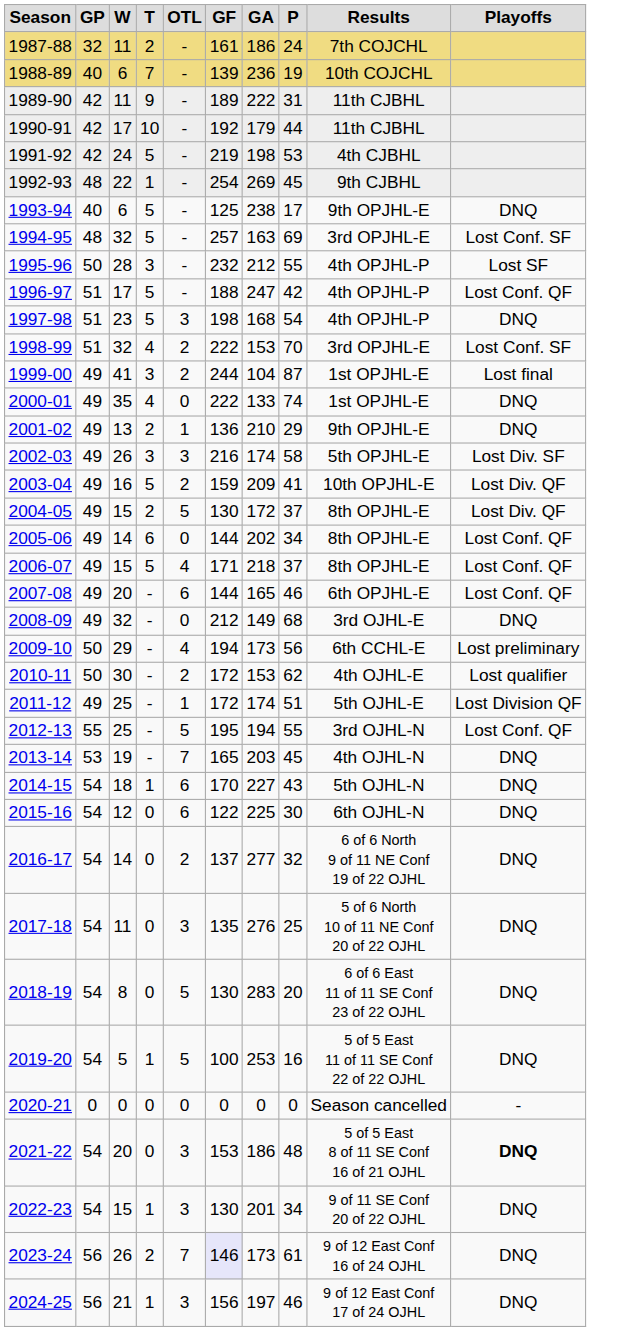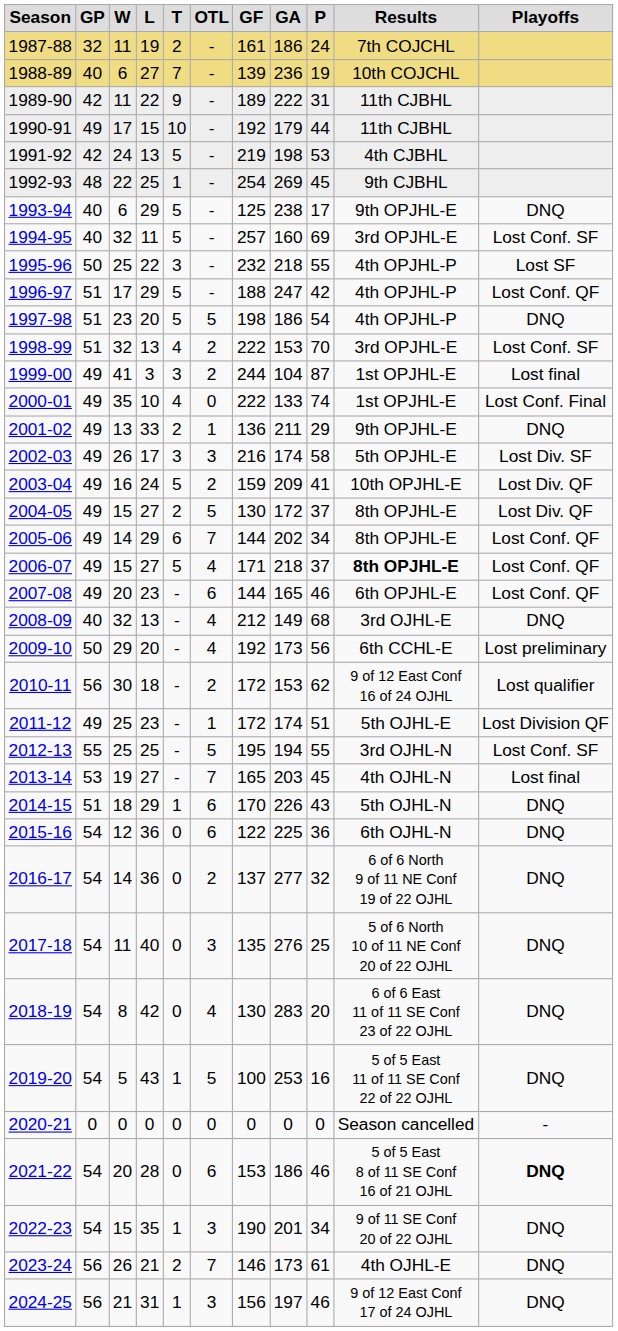 <table class="wikitable">
 <tr align="center"  bgcolor="#dddddd">
 <td><strong>Season</strong></td>
 <td><strong>GP</strong></td>
 <td><strong>W</strong></td>
+<td><strong>L</strong></td>
 <td><strong>T</strong></td>
 <td><strong>OTL</strong></td>
 <td><strong>GF</strong></td>
 <td><strong>GA</strong></td>
 <td><strong>P</strong></td>
 <td><strong>Results</strong></td>
 <td><strong>Playoffs</strong></td>
 </tr>
 <tr align="center"  bgcolor="#F0DC82">
 <td>1987-88</td>
 <td>32</td>
 <td>11</td>
+<td>19</td>
 <td>2</td>
 <td>-</td>
 <td>161</td>
 <td>186</td>
 <td>24</td>
 <td>7th COJCHL</td>
 <td></td>
 </tr>
 <tr align="center"  bgcolor="#F0DC82">
 <td>1988-89</td>
 <td>40</td>
 <td>6</td>
+<td>27</td>
 <td>7</td>
 <td>-</td>
 <td>139</td>
 <td>236</td>
 <td>19</td>
 <td>10th COJCHL</td>
 <td></td>
 </tr>
 <tr align="center" bgcolor="#eeeeee">
 <td>1989-90</td>
 <td>42</td>
 <td>11</td>
+<td>22</td>
 <td>9</td>
 <td>-</td>
 <td>189</td>
 <td>222</td>
 <td>31</td>
 <td>11th CJBHL</td>
 <td></td>
 </tr>
 <tr align="center" bgcolor="#eeeeee">
 <td>1990-91</td>
-<td>42</td>
+<td>49</td>
 <td>17</td>
+<td>15</td>
 <td>10</td>
 <td>-</td>
 <td>192</td>
 <td>179</td>
 <td>44</td>
 <td>11th CJBHL</td>
 <td></td>
 </tr>
 <tr align="center" bgcolor="#eeeeee">
 <td>1991-92</td>
 <td>42</td>
 <td>24</td>
+<td>13</td>
 <td>5</td>
 <td>-</td>
 <td>219</td>
 <td>198</td>
 <td>53</td>
 <td>4th CJBHL</td>
 <td></td>
 </tr>
 <tr align="center" bgcolor="#eeeeee">
 <td>1992-93</td>
 <td>48</td>
 <td>22</td>
+<td>25</td>
 <td>1</td>
 <td>-</td>
 <td>254</td>
 <td>269</td>
 <td>45</td>
 <td>9th CJBHL</td>
 <td></td>
 </tr>
 <tr align="center">
 <td><a href='#'>1993-94</a></td>
 <td>40</td>
 <td>6</td>
+<td>29</td>
 <td>5</td>
 <td>-</td>
 <td>125</td>
 <td>238</td>
 <td>17</td>
 <td>9th OPJHL-E</td>
 <td>DNQ</td>
 </tr>
 <tr align="center">
 <td><a href='#'>1994-95</a></td>
-<td>48</td>
+<td>40</td>
 <td>32</td>
+<td>11</td>
 <td>5</td>
 <td>-</td>
 <td>257</td>
-<td>163</td>
+<td>160</td>
 <td>69</td>
 <td>3rd OPJHL-E</td>
 <td>Lost Conf. SF</td>
 </tr>
 <tr align="center">
 <td><a href='#'>1995-96</a></td>
 <td>50</td>
-<td>28</td>
+<td>25</td>
+<td>22</td>
 <td>3</td>
 <td>-</td>
 <td>232</td>
-<td>212</td>
+<td>218</td>
 <td>55</td>
 <td>4th OPJHL-P</td>
 <td>Lost SF</td>
 </tr>
 <tr align="center">
 <td><a href='#'>1996-97</a></td>
 <td>51</td>
 <td>17</td>
+<td>29</td>
 <td>5</td>
 <td>-</td>
 <td>188</td>
 <td>247</td>
 <td>42</td>
 <td>4th OPJHL-P</td>
 <td>Lost Conf. QF</td>
 </tr>
 <tr align="center">
 <td><a href='#'>1997-98</a></td>
 <td>51</td>
 <td>23</td>
+<td>20</td>
 <td>5</td>
-<td>3</td>
+<td>5</td>
 <td>198</td>
-<td>168</td>
+<td>186</td>
 <td>54</td>
 <td>4th OPJHL-P</td>
 <td>DNQ</td>
 </tr>
 <tr align="center">
 <td><a href='#'>1998-99</a></td>
 <td>51</td>
 <td>32</td>
+<td>13</td>
 <td>4</td>
 <td>2</td>
 <td>222</td>
 <td>153</td>
 <td>70</td>
 <td>3rd OPJHL-E</td>
 <td>Lost Conf. SF</td>
 </tr>
 <tr align="center">
 <td><a href='#'>1999-00</a></td>
 <td>49</td>
 <td>41</td>
 <td>3</td>
+<td>3</td>
 <td>2</td>
 <td>244</td>
 <td>104</td>
 <td>87</td>
 <td>1st OPJHL-E</td>
 <td>Lost final</td>
 </tr>
 <tr align="center">
 <td><a href='#'>2000-01</a></td>
 <td>49</td>
 <td>35</td>
+<td>10</td>
 <td>4</td>
 <td>0</td>
 <td>222</td>
 <td>133</td>
 <td>74</td>
 <td>1st OPJHL-E</td>
-<td>DNQ</td>
+<td>Lost Conf. Final</td>
 </tr>
 <tr align="center">
 <td><a href='#'>2001-02</a></td>
 <td>49</td>
 <td>13</td>
+<td>33</td>
 <td>2</td>
 <td>1</td>
 <td>136</td>
-<td>210</td>
+<td>211</td>
 <td>29</td>
 <td>9th OPJHL-E</td>
 <td>DNQ</td>
 </tr>
 <tr align="center">
 <td><a href='#'>2002-03</a></td>
 <td>49</td>
 <td>26</td>
+<td>17</td>
 <td>3</td>
 <td>3</td>
 <td>216</td>
 <td>174</td>
 <td>58</td>
 <td>5th OPJHL-E</td>
 <td>Lost Div. SF</td>
 </tr>
 <tr align="center">
 <td><a href='#'>2003-04</a></td>
 <td>49</td>
 <td>16</td>
+<td>24</td>
 <td>5</td>
 <td>2</td>
 <td>159</td>
 <td>209</td>
 <td>41</td>
 <td>10th OPJHL-E</td>
 <td>Lost Div. QF</td>
 </tr>
 <tr align="center">
 <td><a href='#'>2004-05</a></td>
 <td>49</td>
 <td>15</td>
+<td>27</td>
 <td>2</td>
 <td>5</td>
 <td>130</td>
 <td>172</td>
 <td>37</td>
 <td>8th OPJHL-E</td>
 <td>Lost Div. QF</td>
 </tr>
 <tr align="center">
 <td><a href='#'>2005-06</a></td>
 <td>49</td>
 <td>14</td>
+<td>29</td>
 <td>6</td>
-<td>0</td>
+<td>7</td>
 <td>144</td>
 <td>202</td>
 <td>34</td>
 <td>8th OPJHL-E</td>
 <td>Lost Conf. QF</td>
 </tr>
 <tr align="center">
 <td><a href='#'>2006-07</a></td>
 <td>49</td>
 <td>15</td>
+<td>27</td>
 <td>5</td>
 <td>4</td>
 <td>171</td>
 <td>218</td>
 <td>37</td>
-<td>8th OPJHL-E</td>
+<td><strong>8th OPJHL-E</strong></td>
 <td>Lost Conf. QF</td>
 </tr>
 <tr align="center">
 <td><a href='#'>2007-08</a></td>
 <td>49</td>
 <td>20</td>
+<td>23</td>
 <td>-</td>
 <td>6</td>
 <td>144</td>
 <td>165</td>
 <td>46</td>
 <td>6th OPJHL-E</td>
 <td>Lost Conf. QF</td>
 </tr>
 <tr align="center">
 <td><a href='#'>2008-09</a></td>
-<td>49</td>
+<td>40</td>
 <td>32</td>
+<td>13</td>
 <td>-</td>
-<td>0</td>
+<td>4</td>
 <td>212</td>
 <td>149</td>
 <td>68</td>
 <td>3rd OJHL-E</td>
 <td>DNQ</td>
 </tr>
 <tr align="center">
 <td><a href='#'>2009-10</a></td>
 <td>50</td>
 <td>29</td>
+<td>20</td>
 <td>-</td>
 <td>4</td>
-<td>194</td>
+<td>192</td>
 <td>173</td>
 <td>56</td>
 <td>6th CCHL-E</td>
 <td>Lost preliminary</td>
 </tr>
 <tr align="center">
 <td><a href='#'>2010-11</a></td>
-<td>50</td>
+<td>56</td>
 <td>30</td>
+<td>18</td>
 <td>-</td>
 <td>2</td>
 <td>172</td>
 <td>153</td>
 <td>62</td>
-<td>4th OJHL-E</td>
+<td><small> 9 of 12 East Conf<br>16 of 24 OJHL</small></td>
 <td>Lost qualifier</td>
 </tr>
 <tr align="center">
 <td><a href='#'>2011-12</a></td>
 <td>49</td>
 <td>25</td>
+<td>23</td>
 <td>-</td>
 <td>1</td>
 <td>172</td>
 <td>174</td>
 <td>51</td>
 <td>5th OJHL-E</td>
 <td>Lost Division QF</td>
 </tr>
 <tr align="center">
 <td><a href='#'>2012-13</a></td>
 <td>55</td>
 <td>25</td>
+<td>25</td>
 <td>-</td>
 <td>5</td>
 <td>195</td>
 <td>194</td>
 <td>55</td>
 <td>3rd OJHL-N</td>
-<td>Lost Conf. QF</td>
+<td>Lost Conf. SF</td>
 </tr>
 <tr align="center">
 <td><a href='#'>2013-14</a></td>
 <td>53</td>
 <td>19</td>
+<td>27</td>
 <td>-</td>
 <td>7</td>
 <td>165</td>
 <td>203</td>
 <td>45</td>
 <td>4th OJHL-N</td>
-<td>DNQ</td>
+<td>Lost final</td>
 </tr>
 <tr align="center">
 <td><a href='#'>2014-15</a></td>
-<td>54</td>
+<td>51</td>
 <td>18</td>
+<td>29</td>
 <td>1</td>
 <td>6</td>
 <td>170</td>
-<td>227</td>
+<td>226</td>
 <td>43</td>
 <td>5th OJHL-N</td>
 <td>DNQ</td>
 </tr>
 <tr align="center">
 <td><a href='#'>2015-16</a></td>
 <td>54</td>
 <td>12</td>
+<td>36</td>
 <td>0</td>
 <td>6</td>
 <td>122</td>
 <td>225</td>
-<td>30</td>
+<td>36</td>
 <td>6th OJHL-N</td>
 <td>DNQ</td>
 </tr>
 <tr align="center">
 <td><a href='#'>2016-17</a></td>
 <td>54</td>
 <td>14</td>
+<td>36</td>
 <td>0</td>
 <td>2</td>
 <td>137</td>
 <td>277</td>
 <td>32</td>
 <td><small>6 of 6 North<br>9 of 11 NE Conf<br>19 of 22 OJHL</small></td>
 <td>DNQ</td>
 </tr>
 <tr align="center">
 <td><a href='#'>2017-18</a></td>
 <td>54</td>
 <td>11</td>
+<td>40</td>
 <td>0</td>
 <td>3</td>
 <td>135</td>
 <td>276</td>
 <td>25</td>
 <td><small>5 of 6 North<br>10 of 11 NE Conf<br>20 of 22 OJHL</small></td>
 <td>DNQ</td>
 </tr>
 <tr align="center">
 <td><a href='#'>2018-19</a></td>
 <td>54</td>
 <td>8</td>
+<td>42</td>
 <td>0</td>
-<td>5</td>
+<td>4</td>
 <td>130</td>
 <td>283</td>
 <td>20</td>
 <td><small>6 of 6 East<br>11 of 11 SE Conf<br>23 of 22 OJHL</small></td>
 <td>DNQ</td>
 </tr>
 <tr align="center">
 <td><a href='#'>2019-20</a></td>
 <td>54</td>
 <td>5</td>
+<td>43</td>
 <td>1</td>
 <td>5</td>
 <td>100</td>
 <td>253</td>
 <td>16</td>
 <td><small>5 of 5 East<br>11 of 11 SE Conf<br>22 of 22 OJHL</small></td>
 <td>DNQ</td>
 </tr>
 <tr align="center">
 <td><a href='#'>2020-21</a></td>
 <td>0</td>
 <td>0</td>
 <td>0</td>
 <td>0</td>
 <td>0</td>
 <td>0</td>
 <td>0</td>
+<td>0</td>
 <td>Season cancelled</td>
 <td>-</td>
 </tr>
 <tr align="center">
 <td><a href='#'>2021-22</a></td>
 <td>54</td>
 <td>20</td>
+<td>28</td>
 <td>0</td>
-<td>3</td>
+<td>6</td>
 <td>153</td>
 <td>186</td>
-<td>48</td>
+<td>46</td>
 <td><small>5 of 5 East<br>8 of 11 SE Conf<br>16 of 21 OJHL</small></td>
 <td><strong>DNQ</strong></td>
 </tr>
 <tr align="center">
 <td><a href='#'>2022-23</a></td>
 <td>54</td>
 <td>15</td>
+<td>35</td>
 <td>1</td>
 <td>3</td>
-<td>130</td>
+<td>190</td>
 <td>201</td>
 <td>34</td>
 <td><small> 9 of 11 SE Conf<br>20 of 22 OJHL</small></td>
 <td>DNQ</td>
 </tr>
 <tr align="center">
 <td><a href='#'>2023-24</a></td>
 <td>56</td>
 <td>26</td>
+<td>21</td>
 <td>2</td>
 <td>7</td>
-<td style="background: lavender;">146</td>
+<td>146</td>
 <td>173</td>
 <td>61</td>
-<td><small> 9 of 12 East Conf<br>16 of 24 OJHL</small></td>
+<td>4th OJHL-E</td>
 <td>DNQ</td>
 </tr>
 <tr align="center">
 <td><a href='#'>2024-25</a></td>
 <td>56</td>
 <td>21</td>
+<td>31</td>
 <td>1</td>
 <td>3</td>
 <td>156</td>
 <td>197</td>
 <td>46</td>
 <td><small> 9 of 12 East Conf<br>17 of 24 OJHL</small></td>
 <td>DNQ</td>
 </tr>
 </table>
